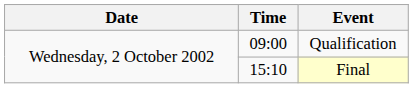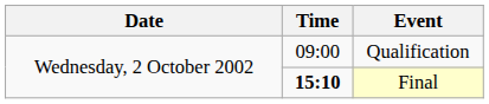 <table class = "wikitable" style="text-align:center;">
 <tr>
 <th width=220>Date</th>
 <th width=50>Time</th>
 <th width=100>Event</th>
 </tr>
 <tr>
 <td rowspan=2>Wednesday, 2 October 2002</td>
 <td>09:00</td>
 <td>Qualification</td>
 </tr>
 <tr>
-<td>15:10</td>
+<td><strong>15:10</strong></td>
 <td bgcolor=ffffcc>Final</td>
 </tr>
 </table>
